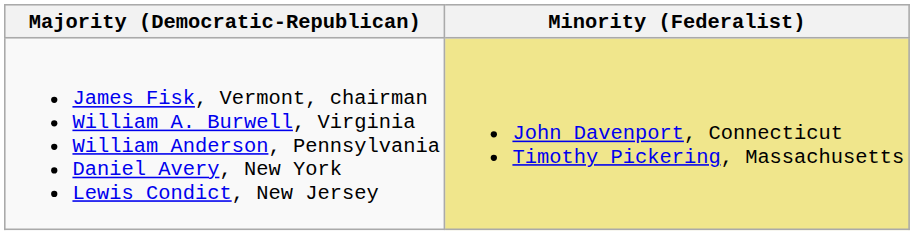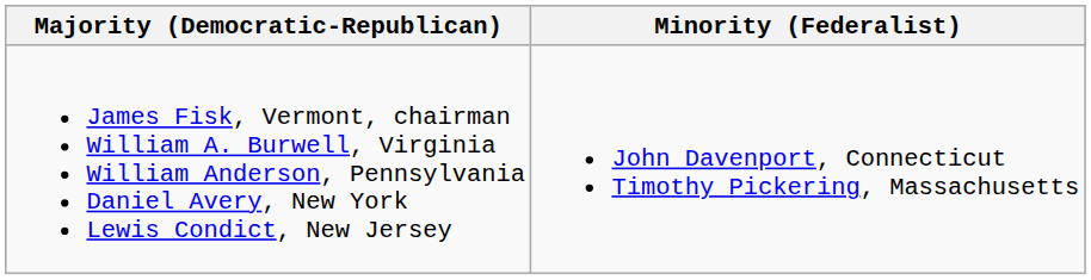 <table class=wikitable>
 <tr>
 <th>Majority (Democratic-Republican)</th>
 <th>Minority (Federalist)</th>
 </tr>
 <tr>
 <td><br><ul><li><a href='#'>James Fisk</a>, Vermont, chairman</li><li><a href='#'>William A. Burwell</a>, Virginia</li><li><a href='#'>William Anderson</a>, Pennsylvania</li><li><a href='#'>Daniel Avery</a>, New York</li><li><a href='#'>Lewis Condict</a>, New Jersey</li></ul></td>
-<td style="background: khaki;"><br><ul><li><a href='#'>John Davenport</a>, Connecticut</li><li><a href='#'>Timothy Pickering</a>, Massachusetts</li></ul></td>
+<td><br><ul><li><a href='#'>John Davenport</a>, Connecticut</li><li><a href='#'>Timothy Pickering</a>, Massachusetts</li></ul></td>
 </tr>
 </table>
